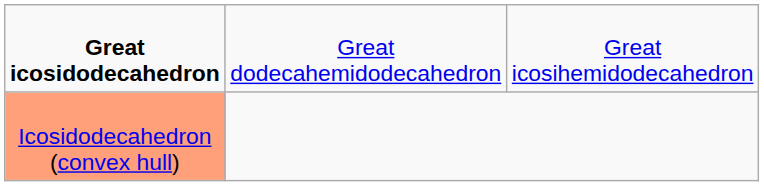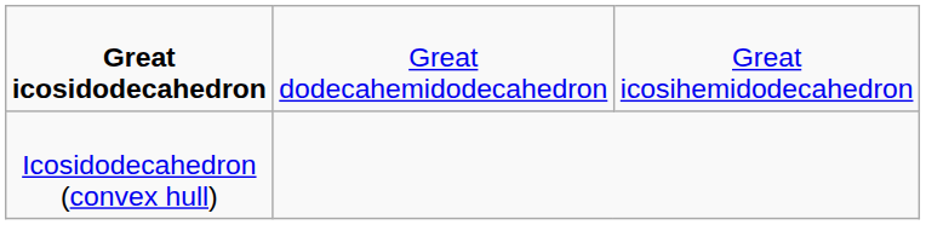 <table class="wikitable" width="400" style="vertical-align:top;text-align:center">
 <tr>
 <td align=center><br><strong>Great icosidodecahedron</strong></td>
 <td align=center><br><a href='#'>Great dodecahemidodecahedron</a></td>
 <td align=center><br><a href='#'>Great icosihemidodecahedron</a></td>
 </tr>
 <tr>
-<td align=center style="background: lightsalmon;"><br><a href='#'>Icosidodecahedron</a> (<a href='#'>convex hull</a>)</td>
+<td align=center><br><a href='#'>Icosidodecahedron</a> (<a href='#'>convex hull</a>)</td>
 </tr>
 </table>
